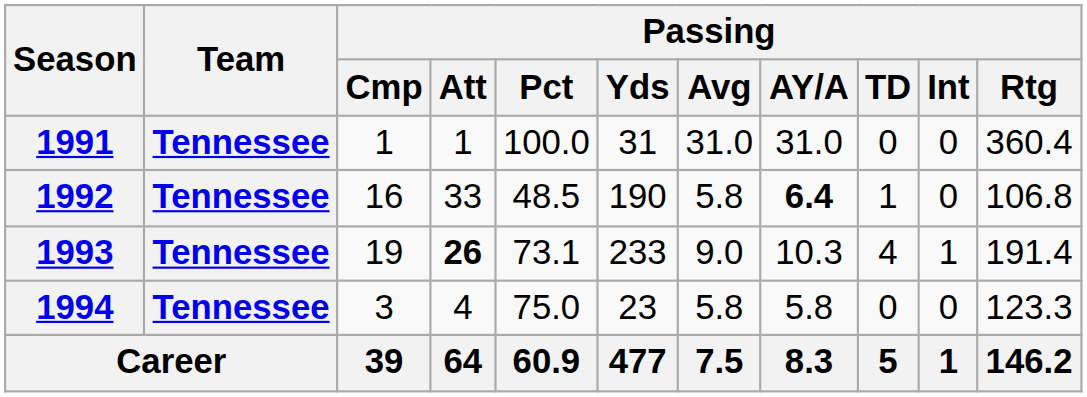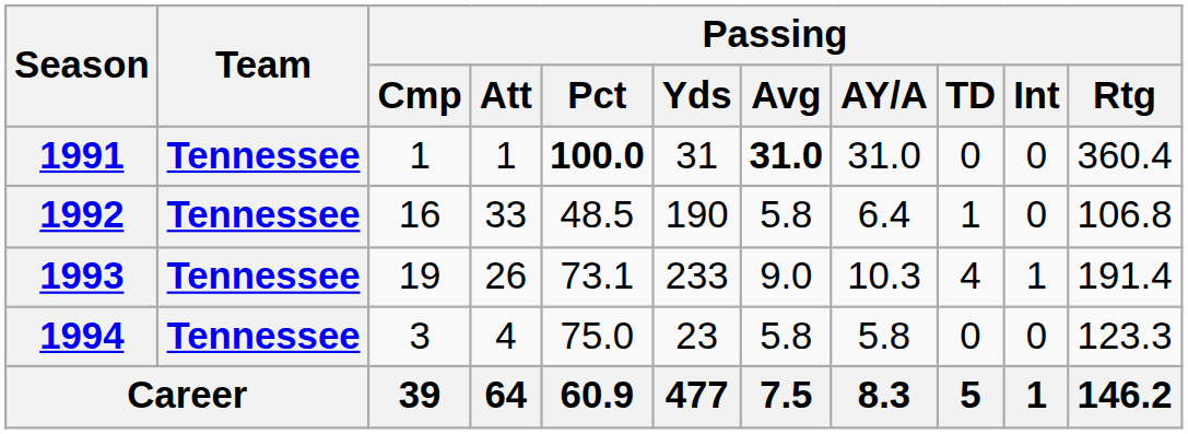 <table class="wikitable" style= "text-align: center;">
 <tr>
 <th rowspan="2">Season</th>
 <th rowspan="2">Team</th>
 <th colspan="9">Passing</th>
 </tr>
 <tr>
 <th>Cmp</th>
 <th>Att</th>
 <th>Pct</th>
 <th>Yds</th>
 <th>Avg</th>
 <th>AY/A</th>
 <th>TD</th>
 <th>Int</th>
 <th>Rtg</th>
 </tr>
 <tr>
 <th><a href='#'>1991</a></th>
 <th><a href='#'>Tennessee</a></th>
 <td>1</td>
 <td>1</td>
-<td>100.0</td>
+<td><strong>100.0</strong></td>
 <td>31</td>
-<td>31.0</td>
+<td><strong>31.0</strong></td>
 <td>31.0</td>
 <td>0</td>
 <td>0</td>
 <td>360.4</td>
 </tr>
 <tr>
 <th><a href='#'>1992</a></th>
 <th><a href='#'>Tennessee</a></th>
 <td>16</td>
 <td>33</td>
 <td>48.5</td>
 <td>190</td>
 <td>5.8</td>
-<td><strong>6.4</strong></td>
+<td>6.4</td>
 <td>1</td>
 <td>0</td>
 <td>106.8</td>
 </tr>
 <tr>
 <th><a href='#'>1993</a></th>
 <th><a href='#'>Tennessee</a></th>
 <td>19</td>
-<td><strong>26</strong></td>
+<td>26</td>
 <td>73.1</td>
 <td>233</td>
 <td>9.0</td>
 <td>10.3</td>
 <td>4</td>
 <td>1</td>
 <td>191.4</td>
 </tr>
 <tr>
 <th><a href='#'>1994</a></th>
 <th><a href='#'>Tennessee</a></th>
 <td>3</td>
 <td>4</td>
 <td>75.0</td>
 <td>23</td>
 <td>5.8</td>
 <td>5.8</td>
 <td>0</td>
 <td>0</td>
 <td>123.3</td>
 </tr>
 <tr>
 <th colspan="2">Career</th>
 <th>39</th>
 <th>64</th>
 <th>60.9</th>
 <th>477</th>
 <th>7.5</th>
 <th>8.3</th>
 <th>5</th>
 <th>1</th>
 <th>146.2</th>
 </tr>
 </table>
